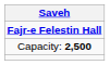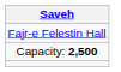 <table class="wikitable" style="text-align:center;">
 <tr>
 <th><a href='#'>Saveh</a></th>
 </tr>
 <tr>
-<td><strong><a href='#'>Fajr-e Felestin Hall</a></strong></td>
+<td><a href='#'>Fajr-e Felestin Hall</a></td>
 </tr>
 <tr>
 <td>Capacity: <strong>2,500</strong></td>
 </tr>
 <tr>
 <td></td>
 </tr>
 </table>
